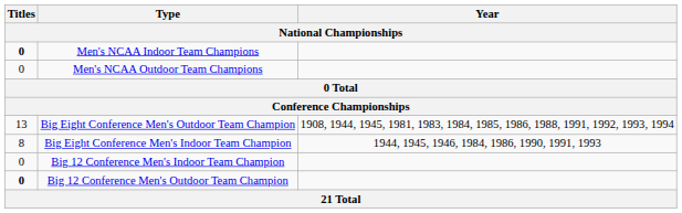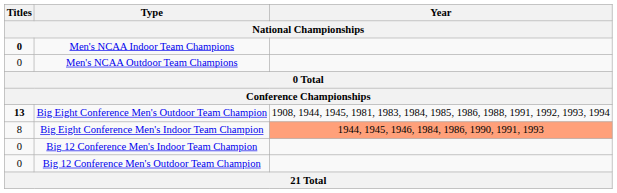 <table class="wikitable" style="text-align:center">
 <tr>
 <th>Titles</th>
 <th>Type</th>
 <th>Year</th>
 </tr>
 <tr>
 <th colspan=3>National Championships</th>
 </tr>
 <tr>
 <td><strong>0</strong></td>
 <td><a href='#'>Men's NCAA Indoor Team Champions</a></td>
 <td></td>
 </tr>
 <tr>
 <td>0</td>
 <td><a href='#'>Men's NCAA Outdoor Team Champions</a></td>
 <td></td>
 </tr>
 <tr>
 <th colspan=3>0 Total</th>
 </tr>
 <tr>
 <th colspan=8>Conference Championships</th>
 </tr>
 <tr>
-<td>13</td>
+<td><strong>13</strong></td>
 <td><a href='#'>Big Eight Conference Men's Outdoor Team Champion</a></td>
 <td>1908, 1944, 1945, 1981, 1983, 1984, 1985, 1986, 1988, 1991, 1992, 1993, 1994</td>
 </tr>
 <tr>
 <td>8</td>
 <td><a href='#'>Big Eight Conference Men's Indoor Team Champion</a></td>
-<td>1944, 1945, 1946, 1984, 1986, 1990, 1991, 1993</td>
+<td style="background: lightsalmon;">1944, 1945, 1946, 1984, 1986, 1990, 1991, 1993</td>
 </tr>
 <tr>
 <td>0</td>
 <td><a href='#'>Big 12 Conference Men's Indoor Team Champion</a></td>
 <td></td>
 </tr>
 <tr>
-<td><strong>0</strong></td>
+<td>0</td>
 <td><a href='#'>Big 12 Conference Men's Outdoor Team Champion</a></td>
 <td></td>
 </tr>
 <tr>
 <th colspan=3>21 Total</th>
 </tr>
 </table>
